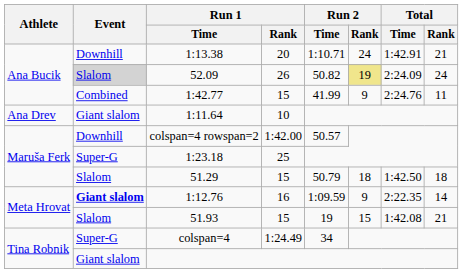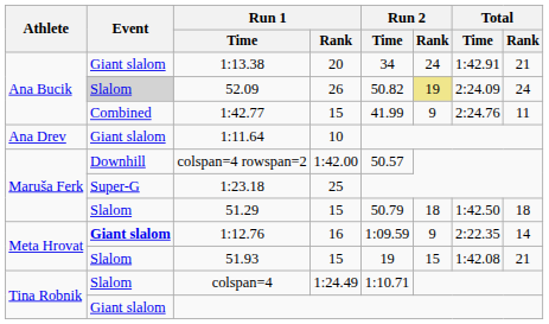 <table class="wikitable" style="font-size:90%">
 <tr>
 <th rowspan=2>Athlete</th>
 <th rowspan=2>Event</th>
 <th colspan=2>Run 1</th>
 <th colspan=2>Run 2</th>
 <th colspan=2>Total</th>
 </tr>
 <tr style="font-size:95%">
 <th>Time</th>
 <th>Rank</th>
 <th>Time</th>
 <th>Rank</th>
 <th>Time</th>
 <th>Rank</th>
 </tr>
 <tr align=center>
 <td style="text-align:left;" rowspan="3"><a href='#'>Ana Bucik</a></td>
-<td align=left><a href='#'>Downhill</a></td>
+<td align=left><a href='#'>Giant slalom</a></td>
 <td>1:13.38</td>
 <td>20</td>
-<td>1:10.71</td>
+<td>34</td>
 <td>24</td>
 <td>1:42.91</td>
 <td>21</td>
 </tr>
 <tr align=center>
 <td align=left style="background: lightgrey;"><a href='#'>Slalom</a></td>
 <td>52.09</td>
 <td>26</td>
 <td>50.82</td>
 <td style="background: khaki;">19</td>
 <td>2:24.09</td>
 <td>24</td>
 </tr>
 <tr align=center>
 <td align=left><a href='#'>Combined</a></td>
 <td>1:42.77</td>
 <td>15</td>
 <td>41.99</td>
 <td>9</td>
 <td>2:24.76</td>
 <td>11</td>
 </tr>
 <tr align=center>
 <td style="text-align:left;"><a href='#'>Ana Drev</a></td>
 <td align=left><a href='#'>Giant slalom</a></td>
 <td>1:11.64</td>
 <td>10</td>
 <td colspan=4></td>
 </tr>
 <tr align=center>
 <td style="text-align:left;" rowspan="3"><a href='#'>Maruša Ferk</a></td>
 <td align=left><a href='#'>Downhill</a></td>
 <td>colspan=4 rowspan=2 </td>
 <td>1:42.00</td>
 <td>50.57</td>
 </tr>
 <tr align=center>
 <td align=left><a href='#'>Super-G</a></td>
 <td>1:23.18</td>
 <td>25</td>
 </tr>
 <tr align=center>
 <td align=left><a href='#'>Slalom</a></td>
 <td>51.29</td>
 <td>15</td>
 <td>50.79</td>
 <td>18</td>
 <td>1:42.50</td>
 <td>18</td>
 </tr>
 <tr align=center>
 <td style="text-align:left;" rowspan="2"><a href='#'>Meta Hrovat</a></td>
 <td align=left><strong><a href='#'>Giant slalom</a></strong></td>
 <td>1:12.76</td>
 <td>16</td>
 <td>1:09.59</td>
 <td>9</td>
 <td>2:22.35</td>
 <td>14</td>
 </tr>
 <tr align=center>
 <td align=left><a href='#'>Slalom</a></td>
 <td>51.93</td>
 <td>15</td>
 <td>19</td>
 <td>15</td>
 <td>1:42.08</td>
 <td>21</td>
 </tr>
 <tr align=center>
 <td style="text-align:left;" rowspan=2><a href='#'>Tina Robnik</a></td>
-<td align=left><a href='#'>Super-G</a></td>
+<td align=left><a href='#'>Slalom</a></td>
 <td>colspan=4 </td>
 <td>1:24.49</td>
-<td>34</td>
+<td>1:10.71</td>
 </tr>
 <tr align=center>
 <td align=left><a href='#'>Giant slalom</a></td>
 <td colspan=6></td>
 </tr>
 </table>
